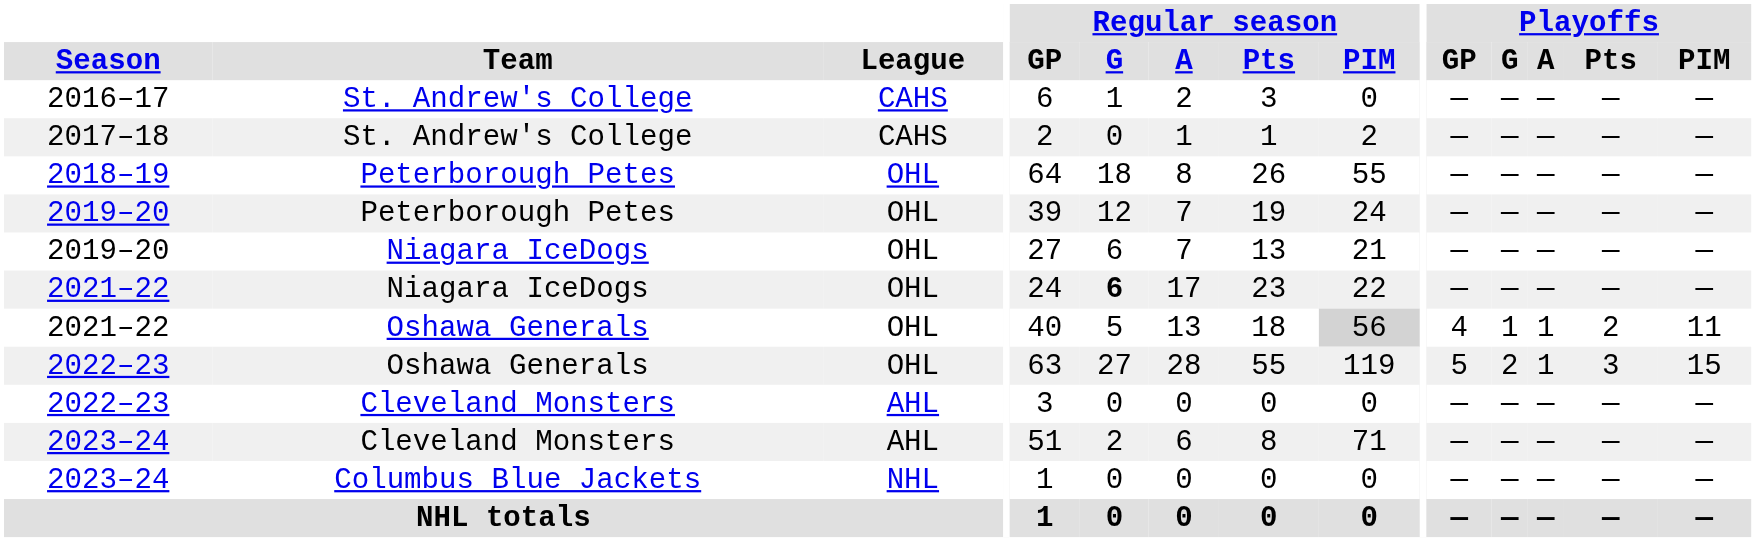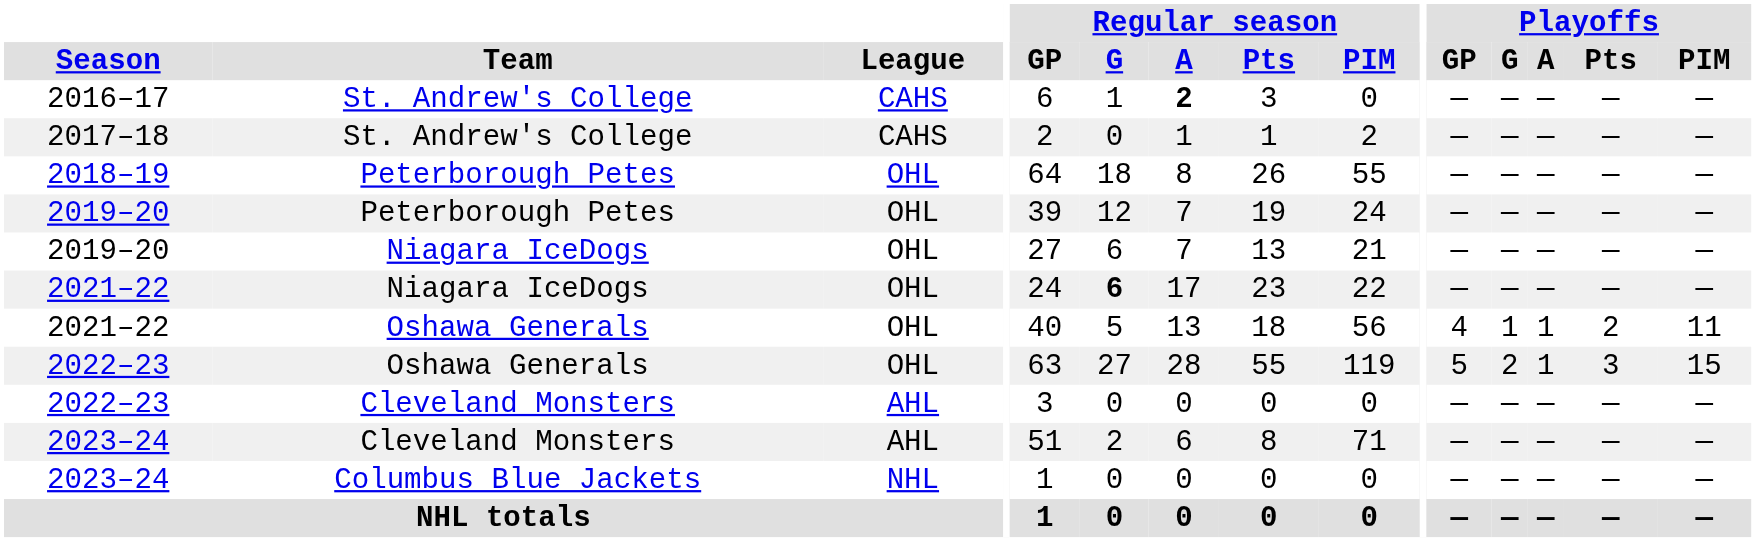 <table border="0" cellpadding="1" cellspacing="0" style="text-align:center; width:60em">
 <tr bgcolor="#e0e0e0">
 <th colspan="3" bgcolor="#ffffff"></th>
 <th rowspan="99" bgcolor="#ffffff"></th>
 <th colspan="5"><a href='#'>Regular season</a></th>
 <th rowspan="99" bgcolor="#ffffff"></th>
 <th colspan="5"><a href='#'>Playoffs</a></th>
 </tr>
 <tr bgcolor="#e0e0e0">
 <th><a href='#'>Season</a></th>
 <th>Team</th>
 <th>League</th>
 <th>GP</th>
 <th><a href='#'>G</a></th>
 <th><a href='#'>A</a></th>
 <th><a href='#'>Pts</a></th>
 <th><a href='#'>PIM</a></th>
 <th>GP</th>
 <th>G</th>
 <th>A</th>
 <th>Pts</th>
 <th>PIM</th>
 </tr>
 <tr>
 <td>2016–17</td>
 <td><a href='#'>St. Andrew's College</a></td>
 <td><a href='#'>CAHS</a></td>
 <td>6</td>
 <td>1</td>
-<td>2</td>
+<td><strong>2</strong></td>
 <td>3</td>
 <td>0</td>
 <td>—</td>
 <td>—</td>
 <td>—</td>
 <td>—</td>
 <td>—</td>
 </tr>
 <tr bgcolor="#f0f0f0">
 <td>2017–18</td>
 <td>St. Andrew's College</td>
 <td>CAHS</td>
 <td>2</td>
 <td>0</td>
 <td>1</td>
 <td>1</td>
 <td>2</td>
 <td>—</td>
 <td>—</td>
 <td>—</td>
 <td>—</td>
 <td>—</td>
 </tr>
 <tr>
 <td><a href='#'>2018–19</a></td>
 <td><a href='#'>Peterborough Petes</a></td>
 <td><a href='#'>OHL</a></td>
 <td>64</td>
 <td>18</td>
 <td>8</td>
 <td>26</td>
 <td>55</td>
 <td>—</td>
 <td>—</td>
 <td>—</td>
 <td>—</td>
 <td>—</td>
 </tr>
 <tr bgcolor="#f0f0f0">
 <td><a href='#'>2019–20</a></td>
 <td>Peterborough Petes</td>
 <td>OHL</td>
 <td>39</td>
 <td>12</td>
 <td>7</td>
 <td>19</td>
 <td>24</td>
 <td>—</td>
 <td>—</td>
 <td>—</td>
 <td>—</td>
 <td>—</td>
 </tr>
 <tr>
 <td>2019–20</td>
 <td><a href='#'>Niagara IceDogs</a></td>
 <td>OHL</td>
 <td>27</td>
 <td>6</td>
 <td>7</td>
 <td>13</td>
 <td>21</td>
 <td>—</td>
 <td>—</td>
 <td>—</td>
 <td>—</td>
 <td>—</td>
 </tr>
 <tr bgcolor="#f0f0f0">
 <td><a href='#'>2021–22</a></td>
 <td>Niagara IceDogs</td>
 <td>OHL</td>
 <td>24</td>
 <td><strong>6</strong></td>
 <td>17</td>
 <td>23</td>
 <td>22</td>
 <td>—</td>
 <td>—</td>
 <td>—</td>
 <td>—</td>
 <td>—</td>
 </tr>
 <tr>
 <td>2021–22</td>
 <td><a href='#'>Oshawa Generals</a></td>
 <td>OHL</td>
 <td>40</td>
 <td>5</td>
 <td>13</td>
 <td>18</td>
-<td style="background: lightgrey;">56</td>
+<td>56</td>
 <td>4</td>
 <td>1</td>
 <td>1</td>
 <td>2</td>
 <td>11</td>
 </tr>
 <tr bgcolor="#f0f0f0">
 <td><a href='#'>2022–23</a></td>
 <td>Oshawa Generals</td>
 <td>OHL</td>
 <td>63</td>
 <td>27</td>
 <td>28</td>
 <td>55</td>
 <td>119</td>
 <td>5</td>
 <td>2</td>
 <td>1</td>
 <td>3</td>
 <td>15</td>
 </tr>
 <tr>
 <td><a href='#'>2022–23</a></td>
 <td><a href='#'>Cleveland Monsters</a></td>
 <td><a href='#'>AHL</a></td>
 <td>3</td>
 <td>0</td>
 <td>0</td>
 <td>0</td>
 <td>0</td>
 <td>—</td>
 <td>—</td>
 <td>—</td>
 <td>—</td>
 <td>—</td>
 </tr>
 <tr bgcolor="#f0f0f0">
 <td><a href='#'>2023–24</a></td>
 <td>Cleveland Monsters</td>
 <td>AHL</td>
 <td>51</td>
 <td>2</td>
 <td>6</td>
 <td>8</td>
 <td>71</td>
 <td>—</td>
 <td>—</td>
 <td>—</td>
 <td>—</td>
 <td>—</td>
 </tr>
 <tr>
 <td><a href='#'>2023–24</a></td>
 <td><a href='#'>Columbus Blue Jackets</a></td>
 <td><a href='#'>NHL</a></td>
 <td>1</td>
 <td>0</td>
 <td>0</td>
 <td>0</td>
 <td>0</td>
 <td>—</td>
 <td>—</td>
 <td>—</td>
 <td>—</td>
 <td>—</td>
 </tr>
 <tr bgcolor="#e0e0e0">
 <th colspan="3">NHL totals</th>
 <th>1</th>
 <th>0</th>
 <th>0</th>
 <th>0</th>
 <th>0</th>
 <th>—</th>
 <th>—</th>
 <th>—</th>
 <th>—</th>
 <th>—</th>
 </tr>
 </table>
